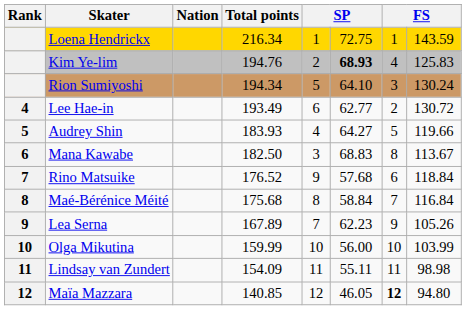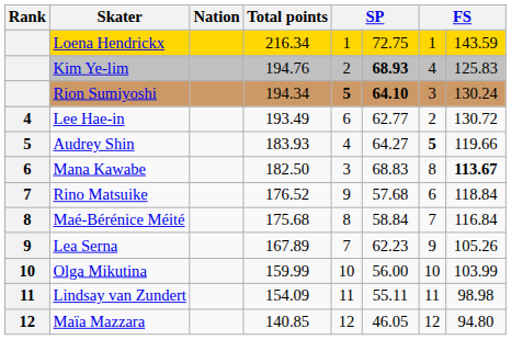 <table class="wikitable sortable" style="text-align:left">
 <tr>
 <th scope="col">Rank</th>
 <th scope="col">Skater</th>
 <th scope="col">Nation</th>
 <th scope="col">Total points</th>
 <th scope="col" colspan="2" width="80px"><a href='#'>SP</a></th>
 <th scope="col" colspan="2" width="80px"><a href='#'>FS</a></th>
 </tr>
 <tr bgcolor="gold">
 <th scope="row"></th>
 <td><a href='#'>Loena Hendrickx</a></td>
 <td></td>
 <td align="center">216.34</td>
 <td align="center">1</td>
 <td align="center">72.75</td>
 <td align="center">1</td>
 <td align="center">143.59</td>
 </tr>
 <tr bgcolor="silver">
 <th scope="row"></th>
 <td><a href='#'>Kim Ye-lim</a></td>
 <td></td>
 <td align="center">194.76</td>
 <td align="center">2</td>
 <td align="center"><strong>68.93</strong></td>
 <td align="center">4</td>
 <td align="center">125.83</td>
 </tr>
 <tr bgcolor="cc9966">
 <th scope="row"></th>
 <td><a href='#'>Rion Sumiyoshi</a></td>
 <td></td>
 <td align="center">194.34</td>
-<td align="center">5</td>
-<td align="center">64.10</td>
+<td align="center"><strong>5</strong></td>
+<td align="center"><strong>64.10</strong></td>
 <td align="center">3</td>
 <td align="center">130.24</td>
 </tr>
 <tr>
 <th scope="row">4</th>
 <td><a href='#'>Lee Hae-in</a></td>
 <td></td>
 <td align="center">193.49</td>
 <td align="center">6</td>
 <td align="center">62.77</td>
 <td align="center">2</td>
 <td align="center">130.72</td>
 </tr>
 <tr>
 <th scope="row">5</th>
 <td><a href='#'>Audrey Shin</a></td>
 <td></td>
 <td align="center">183.93</td>
 <td align="center">4</td>
 <td align="center">64.27</td>
-<td align="center">5</td>
+<td align="center"><strong>5</strong></td>
 <td align="center">119.66</td>
 </tr>
 <tr>
 <th scope="row">6</th>
 <td><a href='#'>Mana Kawabe</a></td>
 <td></td>
 <td align="center">182.50</td>
 <td align="center">3</td>
 <td align="center">68.83</td>
 <td align="center">8</td>
-<td align="center">113.67</td>
+<td align="center"><strong>113.67</strong></td>
 </tr>
 <tr>
 <th scope="row">7</th>
 <td><a href='#'>Rino Matsuike</a></td>
 <td></td>
 <td align="center">176.52</td>
 <td align="center">9</td>
 <td align="center">57.68</td>
 <td align="center">6</td>
 <td align="center">118.84</td>
 </tr>
 <tr>
 <th scope="row">8</th>
 <td><a href='#'>Maé-Bérénice Méité</a></td>
 <td></td>
 <td align="center">175.68</td>
 <td align="center">8</td>
 <td align="center">58.84</td>
 <td align="center">7</td>
 <td align="center">116.84</td>
 </tr>
 <tr>
 <th scope="row">9</th>
 <td><a href='#'>Lea Serna</a></td>
 <td></td>
 <td align="center">167.89</td>
 <td align="center">7</td>
 <td align="center">62.23</td>
 <td align="center">9</td>
 <td align="center">105.26</td>
 </tr>
 <tr>
 <th scope="row">10</th>
 <td><a href='#'>Olga Mikutina</a></td>
 <td></td>
 <td align="center">159.99</td>
 <td align="center">10</td>
 <td align="center">56.00</td>
 <td align="center">10</td>
 <td align="center">103.99</td>
 </tr>
 <tr>
 <th scope="row">11</th>
 <td><a href='#'>Lindsay van Zundert</a></td>
 <td></td>
 <td align="center">154.09</td>
 <td align="center">11</td>
 <td align="center">55.11</td>
 <td align="center">11</td>
 <td align="center">98.98</td>
 </tr>
 <tr>
 <th scope="row">12</th>
 <td><a href='#'>Maïa Mazzara</a></td>
 <td></td>
 <td align="center">140.85</td>
 <td align="center">12</td>
 <td align="center">46.05</td>
-<td align="center"><strong>12</strong></td>
+<td align="center">12</td>
 <td align="center">94.80</td>
 </tr>
 </table>
